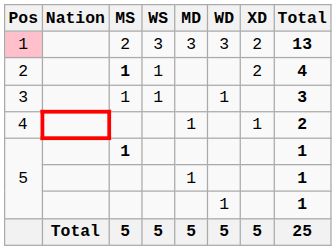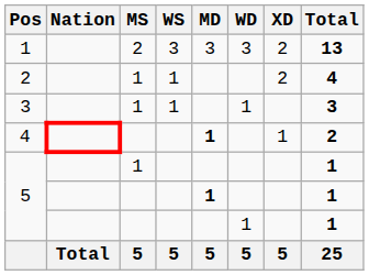 <table class="wikitable" style="text-align:center">
 <tr>
 <th width="20">Pos</th>
 <th>Nation</th>
 <th width="20">MS</th>
 <th width="20">WS</th>
 <th width="20">MD</th>
 <th width="20">WD</th>
 <th width="20">XD</th>
 <th>Total</th>
 </tr>
 <tr>
-<td style="background: pink;">1</td>
+<td>1</td>
 <td align=left></td>
 <td>2</td>
 <td>3</td>
 <td>3</td>
 <td>3</td>
 <td>2</td>
 <td><strong>13</strong></td>
 </tr>
 <tr>
 <td>2</td>
 <td align=left></td>
-<td><strong>1</strong></td>
+<td>1</td>
 <td>1</td>
 <td></td>
 <td></td>
 <td>2</td>
 <td><strong>4</strong></td>
 </tr>
 <tr>
 <td>3</td>
 <td align=left></td>
 <td>1</td>
 <td>1</td>
 <td></td>
 <td>1</td>
 <td></td>
 <td><strong>3</strong></td>
 </tr>
 <tr>
 <td>4</td>
 <td align=left style="border: 3px solid red"><strong></strong></td>
 <td></td>
 <td></td>
-<td>1</td>
+<td><strong>1</strong></td>
 <td></td>
 <td>1</td>
 <td><strong>2</strong></td>
 </tr>
 <tr>
 <td rowspan="3">5</td>
 <td align=left></td>
-<td><strong>1</strong></td>
+<td>1</td>
 <td></td>
 <td></td>
 <td></td>
 <td></td>
 <td><strong>1</strong></td>
 </tr>
 <tr>
 <td align=left></td>
 <td></td>
 <td></td>
-<td>1</td>
+<td><strong>1</strong></td>
 <td></td>
 <td></td>
 <td><strong>1</strong></td>
 </tr>
 <tr>
 <td align=left></td>
 <td></td>
 <td></td>
 <td></td>
 <td>1</td>
 <td></td>
 <td><strong>1</strong></td>
 </tr>
 <tr>
 <th></th>
 <th align=left>Total</th>
 <th>5</th>
 <th>5</th>
 <th>5</th>
 <th>5</th>
 <th>5</th>
 <th>25</th>
 </tr>
 </table>
